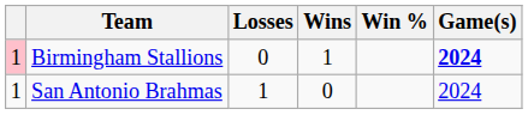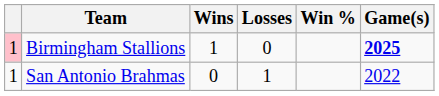 <table class="wikitable sortable plainrowheaders" style="text-align:center;">
 <tr>
 <th></th>
 <th>Team</th>
+<th>Wins</th>
 <th>Losses</th>
-<th>Wins</th>
 <th>Win %</th>
 <th>Game(s)</th>
 </tr>
 <tr>
 <td style="background: pink;">1</td>
 <td style="text-align:left;"><a href='#'>Birmingham Stallions</a></td>
+<td>1</td>
 <td>0</td>
-<td>1</td>
 <td></td>
-<td style="text-align:left;"><strong><a href='#'>2024</a></strong></td>
+<td style="text-align:left;"><strong><a href='#'>2025</a></strong></td>
 </tr>
 <tr>
 <td>1</td>
 <td style="text-align:left;"><a href='#'>San Antonio Brahmas</a></td>
+<td>0</td>
 <td>1</td>
-<td>0</td>
 <td></td>
-<td style="text-align:left;"><a href='#'>2024</a></td>
+<td style="text-align:left;"><a href='#'>2022</a></td>
 </tr>
 </table>
